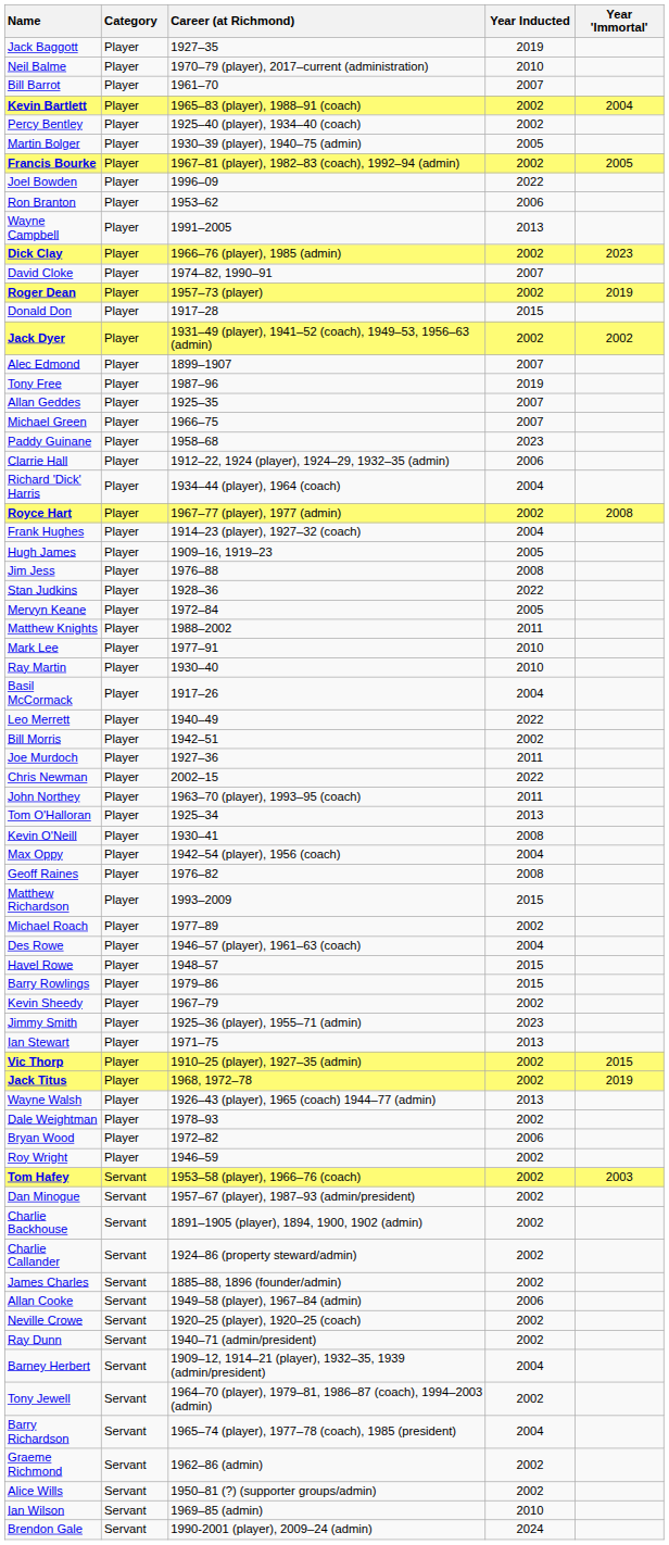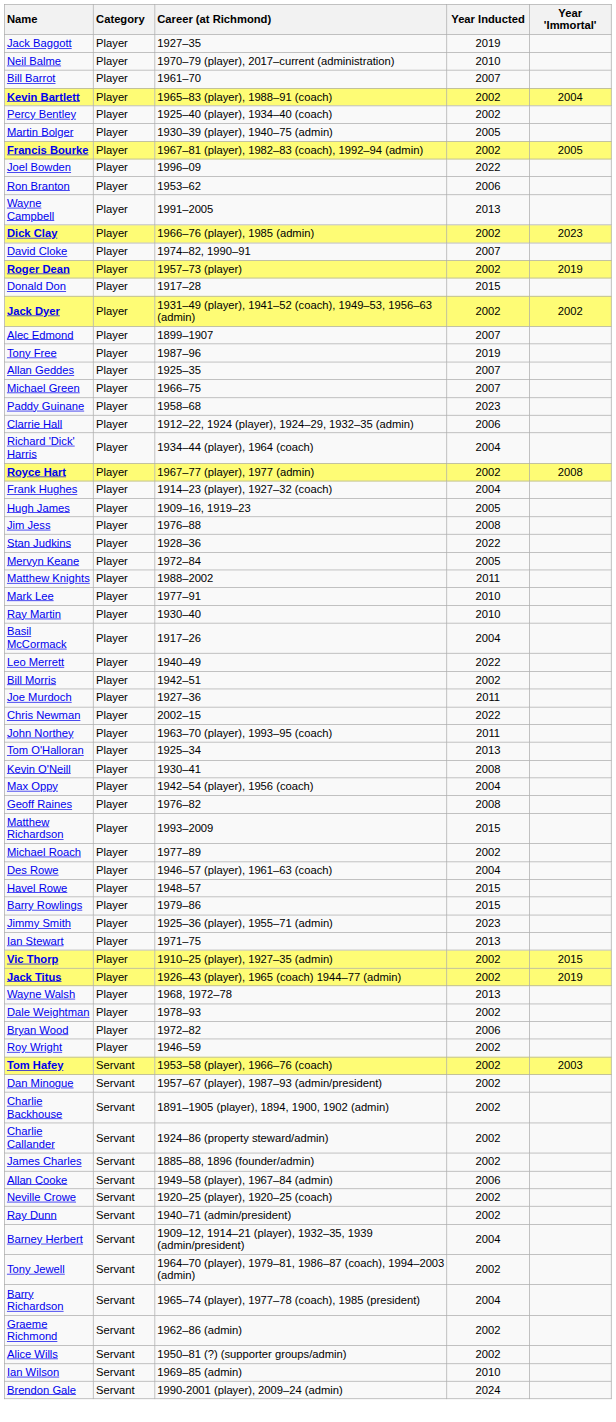 <table class="wikitable sortable">
 <tr>
 <th scope="col" style="width: 120px; text-align:left;">Name</th>
 <th scope="col" style="width: 80px; text-align:left;">Category</th>
 <th scope="col" style="text-align:left;">Career (at Richmond)</th>
 <th scope="col" style="width: 110px; text-align:center;">Year Inducted</th>
 <th scope="col" style="width: 110px; text-align:center;">Year 'Immortal'</th>
 </tr>
 <tr>
 <td data-sort-value="Baggot, Jack"><a href='#'>Jack Baggott</a></td>
 <td>Player</td>
 <td>1927–35</td>
 <td style="text-align:center;">2019</td>
 <td data-sort-value="9999"></td>
 </tr>
 <tr>
 <td data-sort-value="Balme, Neil"><a href='#'>Neil Balme</a></td>
 <td>Player</td>
 <td>1970–79 (player), 2017–current (administration)</td>
 <td style="text-align:center;">2010</td>
 <td data-sort-value="9999"></td>
 </tr>
 <tr>
 <td data-sort-value="Barrot, Bill"><a href='#'>Bill Barrot</a></td>
 <td>Player</td>
 <td>1961–70</td>
 <td style="text-align:center;">2007</td>
 <td data-sort-value="9999"></td>
 </tr>
 <tr style="background:#FEFC75;">
 <td data-sort-value="Bartlett, Kevin"><strong><a href='#'>Kevin Bartlett</a></strong></td>
 <td>Player</td>
 <td>1965–83 (player), 1988–91 (coach)</td>
 <td style="text-align:center;">2002</td>
 <td style="text-align:center;">2004</td>
 </tr>
 <tr>
 <td data-sort-value="Bentley, Percy"><a href='#'>Percy Bentley</a></td>
 <td>Player</td>
 <td>1925–40 (player), 1934–40 (coach)</td>
 <td style="text-align:center;">2002</td>
 <td data-sort-value="9999"></td>
 </tr>
 <tr>
 <td data-sort-value="Bolger, Martin"><a href='#'>Martin Bolger</a></td>
 <td>Player</td>
 <td>1930–39 (player), 1940–75 (admin)</td>
 <td style="text-align:center;">2005</td>
 <td data-sort-value="9999"></td>
 </tr>
 <tr style="background:#FEFC75;">
 <td data-sort-value="Bourke, Francis"><strong><a href='#'>Francis Bourke</a></strong></td>
 <td>Player</td>
 <td>1967–81 (player), 1982–83 (coach), 1992–94 (admin)</td>
 <td style="text-align:center;">2002</td>
 <td style="text-align:center;">2005</td>
 </tr>
 <tr>
 <td data-sort-value="Bowden, Joel"><a href='#'>Joel Bowden</a></td>
 <td>Player</td>
 <td>1996–09</td>
 <td style="text-align:center;">2022</td>
 <td data-sort-value="9999"></td>
 </tr>
 <tr>
 <td data-sort-value="Branton, Ron"><a href='#'>Ron Branton</a></td>
 <td>Player</td>
 <td>1953–62</td>
 <td style="text-align:center;">2006</td>
 <td data-sort-value="9999"></td>
 </tr>
 <tr>
 <td data-sort-value="Campbell, Wayne"><a href='#'>Wayne Campbell</a></td>
 <td>Player</td>
 <td>1991–2005</td>
 <td style="text-align:center;">2013</td>
 <td data-sort-value="9999"></td>
 </tr>
 <tr style="background:#FEFC75;">
 <td data-sort-value="Clay, Dick"><strong><a href='#'>Dick Clay</a></strong></td>
 <td>Player</td>
 <td>1966–76 (player), 1985 (admin)</td>
 <td style="text-align:center;">2002</td>
 <td style="text-align:center;">2023</td>
 </tr>
 <tr>
 <td data-sort-value="Cloke, David"><a href='#'>David Cloke</a></td>
 <td>Player</td>
 <td>1974–82, 1990–91</td>
 <td style="text-align:center;">2007</td>
 <td data-sort-value="9999"></td>
 </tr>
 <tr style="background:#FEFC75;">
 <td data-sort-value="Dean, Roger"><strong><a href='#'>Roger Dean</a></strong></td>
 <td>Player</td>
 <td>1957–73 (player)</td>
 <td style="text-align:center;">2002</td>
 <td style="text-align:center;">2019</td>
 </tr>
 <tr>
 <td data-sort-value="Don, Donald"><a href='#'>Donald Don</a></td>
 <td>Player</td>
 <td>1917–28</td>
 <td style="text-align:center;">2015</td>
 <td data-sort-value="9999"></td>
 </tr>
 <tr style="background:#FEFC75;">
 <td data-sort-value="Dyer, Jack"><strong><a href='#'>Jack Dyer</a></strong></td>
 <td>Player</td>
 <td>1931–49 (player), 1941–52 (coach), 1949–53, 1956–63 (admin)</td>
 <td style="text-align:center;">2002</td>
 <td style="text-align:center;">2002</td>
 </tr>
 <tr>
 <td data-sort-value="Edmond, Alec"><a href='#'>Alec Edmond</a></td>
 <td>Player</td>
 <td>1899–1907</td>
 <td style="text-align:center;">2007</td>
 <td data-sort-value="9999"></td>
 </tr>
 <tr>
 <td data-sort-value="Free, Tony"><a href='#'>Tony Free</a></td>
 <td>Player</td>
 <td>1987–96</td>
 <td style="text-align:center;">2019</td>
 <td data-sort-value="9999"></td>
 </tr>
 <tr>
 <td data-sort-value="Geddes, Allan"><a href='#'>Allan Geddes</a></td>
 <td>Player</td>
 <td>1925–35</td>
 <td style="text-align:center;">2007</td>
 <td data-sort-value="9999"></td>
 </tr>
 <tr>
 <td data-sort-value="Green, Michael"><a href='#'>Michael Green</a></td>
 <td>Player</td>
 <td>1966–75</td>
 <td style="text-align:center;">2007</td>
 <td data-sort-value="9999"></td>
 </tr>
 <tr>
 <td data-sort-value="Guinane, Paddy"><a href='#'>Paddy Guinane</a></td>
 <td>Player</td>
 <td>1958–68</td>
 <td style="text-align:center;">2023</td>
 <td data-sort-value="9999"></td>
 </tr>
 <tr>
 <td data-sort-value="Hall, Clarrie"><a href='#'>Clarrie Hall</a></td>
 <td>Player</td>
 <td>1912–22, 1924 (player), 1924–29, 1932–35 (admin)</td>
 <td style="text-align:center;">2006</td>
 <td data-sort-value="9999"></td>
 </tr>
 <tr>
 <td data-sort-value="Harris, Dick"><a href='#'>Richard 'Dick' Harris</a></td>
 <td>Player</td>
 <td>1934–44 (player), 1964 (coach)</td>
 <td style="text-align:center;">2004</td>
 <td data-sort-value="9999"></td>
 </tr>
 <tr style="background:#FEFC75;">
 <td data-sort-value="Hart, Royce"><strong><a href='#'>Royce Hart</a></strong></td>
 <td>Player</td>
 <td>1967–77 (player), 1977 (admin)</td>
 <td style="text-align:center;">2002</td>
 <td style="text-align:center;">2008</td>
 </tr>
 <tr>
 <td data-sort-value="Hughes, Frank"><a href='#'>Frank Hughes</a></td>
 <td>Player</td>
 <td>1914–23 (player), 1927–32 (coach)</td>
 <td style="text-align:center;">2004</td>
 <td data-sort-value="9999"></td>
 </tr>
 <tr>
 <td data-sort-value="James, Hugh"><a href='#'>Hugh James</a></td>
 <td>Player</td>
 <td>1909–16, 1919–23</td>
 <td style="text-align:center;">2005</td>
 <td data-sort-value="9999"></td>
 </tr>
 <tr>
 <td data-sort-value="Jess, Jim"><a href='#'>Jim Jess</a></td>
 <td>Player</td>
 <td>1976–88</td>
 <td style="text-align:center;">2008</td>
 <td data-sort-value="9999"></td>
 </tr>
 <tr>
 <td data-sort-value="Judkins, Stan"><a href='#'>Stan Judkins</a></td>
 <td>Player</td>
 <td>1928–36</td>
 <td style="text-align:center;">2022</td>
 <td data-sort-value="9999"></td>
 </tr>
 <tr>
 <td data-sort-value="Keane, Mervyn"><a href='#'>Mervyn Keane</a></td>
 <td>Player</td>
 <td>1972–84</td>
 <td style="text-align:center;">2005</td>
 <td data-sort-value="9999"></td>
 </tr>
 <tr>
 <td data-sort-value="Knights, Matthew"><a href='#'>Matthew Knights</a></td>
 <td>Player</td>
 <td>1988–2002</td>
 <td style="text-align:center;">2011</td>
 <td data-sort-value="9999"></td>
 </tr>
 <tr>
 <td data-sort-value="Lee, Mark"><a href='#'>Mark Lee</a></td>
 <td>Player</td>
 <td>1977–91</td>
 <td style="text-align:center;">2010</td>
 <td data-sort-value="9999"></td>
 </tr>
 <tr>
 <td data-sort-value="Martin, Ray"><a href='#'>Ray Martin</a></td>
 <td>Player</td>
 <td>1930–40</td>
 <td style="text-align:center;">2010</td>
 <td data-sort-value="9999"></td>
 </tr>
 <tr>
 <td data-sort-value="McCormack, Basil"><a href='#'>Basil McCormack</a></td>
 <td>Player</td>
 <td>1917–26</td>
 <td style="text-align:center;">2004</td>
 <td data-sort-value="9999"></td>
 </tr>
 <tr>
 <td data-sort-value="Merrett, Leo"><a href='#'>Leo Merrett</a></td>
 <td>Player</td>
 <td>1940–49</td>
 <td style="text-align:center;">2022</td>
 <td data-sort-value="9999"></td>
 </tr>
 <tr>
 <td data-sort-value="Morris, Bill"><a href='#'>Bill Morris</a></td>
 <td>Player</td>
 <td>1942–51</td>
 <td style="text-align:center;">2002</td>
 <td data-sort-value="9999"></td>
 </tr>
 <tr>
 <td data-sort-value="Murdoch, Joe"><a href='#'>Joe Murdoch</a></td>
 <td>Player</td>
 <td>1927–36</td>
 <td style="text-align:center;">2011</td>
 <td data-sort-value="9999"></td>
 </tr>
 <tr>
 <td data-sort-value="Newman, Chris"><a href='#'>Chris Newman</a></td>
 <td>Player</td>
 <td>2002–15</td>
 <td style="text-align:center;">2022</td>
 <td data-sort-value="9999"></td>
 </tr>
 <tr>
 <td data-sort-value="Northey, John"><a href='#'>John Northey</a></td>
 <td>Player</td>
 <td>1963–70 (player), 1993–95 (coach)</td>
 <td style="text-align:center;">2011</td>
 <td data-sort-value="9999"></td>
 </tr>
 <tr>
 <td data-sort-value="O'Halloran, Thomas"><a href='#'>Tom O'Halloran</a></td>
 <td>Player</td>
 <td>1925–34</td>
 <td style="text-align:center;">2013</td>
 <td data-sort-value="9999"></td>
 </tr>
 <tr>
 <td data-sort-value="O'Neill, Kevin"><a href='#'>Kevin O'Neill</a></td>
 <td>Player</td>
 <td>1930–41</td>
 <td style="text-align:center;">2008</td>
 <td data-sort-value="9999"></td>
 </tr>
 <tr>
 <td data-sort-value="Oppy, Max"><a href='#'>Max Oppy</a></td>
 <td>Player</td>
 <td>1942–54 (player), 1956 (coach)</td>
 <td style="text-align:center;">2004</td>
 <td data-sort-value="9999"></td>
 </tr>
 <tr>
 <td data-sort-value="Raines, Geoff"><a href='#'>Geoff Raines</a></td>
 <td>Player</td>
 <td>1976–82</td>
 <td style="text-align:center;">2008</td>
 <td data-sort-value="9999"></td>
 </tr>
 <tr>
 <td data-sort-value="Richardson, Matthew"><a href='#'>Matthew Richardson</a></td>
 <td>Player</td>
 <td>1993–2009</td>
 <td style="text-align:center;">2015</td>
 <td data-sort-value="9999"></td>
 </tr>
 <tr>
 <td data-sort-value="Roach, Michael"><a href='#'>Michael Roach</a></td>
 <td>Player</td>
 <td>1977–89</td>
 <td style="text-align:center;">2002</td>
 <td data-sort-value="9999"></td>
 </tr>
 <tr>
 <td data-sort-value="Rowe, Des"><a href='#'>Des Rowe</a></td>
 <td>Player</td>
 <td>1946–57 (player), 1961–63 (coach)</td>
 <td style="text-align:center;">2004</td>
 <td data-sort-value="9999"></td>
 </tr>
 <tr>
 <td data-sort-value="Rowe, Havel"><a href='#'>Havel Rowe</a></td>
 <td>Player</td>
 <td>1948–57</td>
 <td style="text-align:center;">2015</td>
 <td data-sort-value="9999"></td>
 </tr>
 <tr>
 <td data-sort-value="Rowlings, Barry"><a href='#'>Barry Rowlings</a></td>
 <td>Player</td>
 <td>1979–86</td>
 <td style="text-align:center;">2015</td>
 <td data-sort-value="9999"></td>
 </tr>
 <tr>
-<td data-sort-value="Sheedy, Kevin"><a href='#'>Kevin Sheedy</a></td>
-<td>Player</td>
-<td>1967–79</td>
-<td style="text-align:center;">2002</td>
-<td data-sort-value="9999"></td>
-</tr>
-<tr>
 <td data-sort-value="Smith, Jimmy"><a href='#'>Jimmy Smith</a></td>
 <td>Player</td>
 <td>1925–36 (player), 1955–71 (admin)</td>
 <td style="text-align:center;">2023</td>
 <td data-sort-value="9999"></td>
 </tr>
 <tr>
 <td data-sort-value="Stewart, Ian"><a href='#'>Ian Stewart</a></td>
 <td>Player</td>
 <td>1971–75</td>
 <td style="text-align:center;">2013</td>
 <td data-sort-value="9999"></td>
 </tr>
 <tr style="background:#FEFC75;">
 <td data-sort-value="Thorp, Vic"><strong><a href='#'>Vic Thorp</a></strong></td>
 <td>Player</td>
 <td>1910–25 (player), 1927–35 (admin)</td>
 <td style="text-align:center;">2002</td>
 <td style="text-align:center;">2015</td>
 </tr>
 <tr style="background:#FEFC75;">
 <td data-sort-value="Titus, Jack"><strong><a href='#'>Jack Titus</a></strong></td>
 <td>Player</td>
-<td>1968, 1972–78</td>
+<td>1926–43 (player), 1965 (coach) 1944–77 (admin)</td>
 <td style="text-align:center;">2002</td>
 <td style="text-align:center;">2019</td>
 </tr>
 <tr>
 <td data-sort-value="Walsh, Wayne"><a href='#'>Wayne Walsh</a></td>
 <td>Player</td>
-<td>1926–43 (player), 1965 (coach) 1944–77 (admin)</td>
+<td>1968, 1972–78</td>
 <td style="text-align:center;">2013</td>
 <td data-sort-value="9999"></td>
 </tr>
 <tr>
 <td data-sort-value="Weightman, Dale"><a href='#'>Dale Weightman</a></td>
 <td>Player</td>
 <td>1978–93</td>
 <td style="text-align:center;">2002</td>
 <td data-sort-value="9999"></td>
 </tr>
 <tr>
 <td data-sort-value="Wood, Bryan"><a href='#'>Bryan Wood</a></td>
 <td>Player</td>
 <td>1972–82</td>
 <td style="text-align:center;">2006</td>
 <td data-sort-value="9999"></td>
 </tr>
 <tr>
 <td data-sort-value="Wright, Roy"><a href='#'>Roy Wright</a></td>
 <td>Player</td>
 <td>1946–59</td>
 <td style="text-align:center;">2002</td>
 <td data-sort-value="9999"></td>
 </tr>
 <tr style="background:#FEFC75;">
 <td data-sort-value="Hafey, Tom"><strong><a href='#'>Tom Hafey</a></strong></td>
 <td>Servant</td>
 <td>1953–58 (player), 1966–76 (coach)</td>
 <td style="text-align:center;">2002</td>
 <td style="text-align:center;">2003</td>
 </tr>
 <tr>
 <td data-sort-value="Minogue, Dan"><a href='#'>Dan Minogue</a></td>
 <td>Servant</td>
 <td>1957–67 (player), 1987–93 (admin/president)</td>
 <td style="text-align:center;">2002</td>
 <td data-sort-value="9999"></td>
 </tr>
 <tr>
 <td data-sort-value="Backhouse, Charlie"><a href='#'>Charlie Backhouse</a></td>
 <td>Servant</td>
 <td>1891–1905 (player), 1894, 1900, 1902 (admin)</td>
 <td style="text-align:center;">2002</td>
 <td data-sort-value="9999"></td>
 </tr>
 <tr>
 <td data-sort-value="Callandar, Charlie"><a href='#'>Charlie Callander</a></td>
 <td>Servant</td>
 <td>1924–86 (property steward/admin)</td>
 <td style="text-align:center;">2002</td>
 <td data-sort-value="9999"></td>
 </tr>
 <tr>
 <td data-sort-value="Charles, James"><a href='#'>James Charles</a></td>
 <td>Servant</td>
 <td>1885–88, 1896 (founder/admin)</td>
 <td style="text-align:center;">2002</td>
 <td data-sort-value="9999"></td>
 </tr>
 <tr>
 <td data-sort-value="Cooke, Allan"><a href='#'>Allan Cooke</a></td>
 <td>Servant</td>
 <td>1949–58 (player), 1967–84 (admin)</td>
 <td style="text-align:center;">2006</td>
 <td data-sort-value="9999"></td>
 </tr>
 <tr>
 <td data-sort-value="Crowe, Neville"><a href='#'>Neville Crowe</a></td>
 <td>Servant</td>
 <td>1920–25 (player), 1920–25 (coach)</td>
 <td style="text-align:center;">2002</td>
 <td data-sort-value="9999"></td>
 </tr>
 <tr>
 <td data-sort-value="Dunn, Ray"><a href='#'>Ray Dunn</a></td>
 <td>Servant</td>
 <td>1940–71 (admin/president)</td>
 <td style="text-align:center;">2002</td>
 <td data-sort-value="9999"></td>
 </tr>
 <tr>
 <td data-sort-value="Herbert, Barney"><a href='#'>Barney Herbert</a></td>
 <td>Servant</td>
 <td>1909–12, 1914–21 (player), 1932–35, 1939 (admin/president)</td>
 <td style="text-align:center;">2004</td>
 <td data-sort-value="9999"></td>
 </tr>
 <tr>
 <td data-sort-value="Jewell, Tony"><a href='#'>Tony Jewell</a></td>
 <td>Servant</td>
 <td>1964–70 (player), 1979–81, 1986–87 (coach), 1994–2003 (admin)</td>
 <td style="text-align:center;">2002</td>
 <td data-sort-value="9999"></td>
 </tr>
 <tr>
 <td data-sort-value="Richardson, Barry"><a href='#'>Barry Richardson</a></td>
 <td>Servant</td>
 <td>1965–74 (player), 1977–78 (coach), 1985 (president)</td>
 <td style="text-align:center;">2004</td>
 <td data-sort-value="9999"></td>
 </tr>
 <tr>
 <td data-sort-value="Richmond, Graeme"><a href='#'>Graeme Richmond</a></td>
 <td>Servant</td>
 <td>1962–86 (admin)</td>
 <td style="text-align:center;">2002</td>
 <td data-sort-value="9999"></td>
 </tr>
 <tr>
 <td data-sort-value="Wills, Alice"><a href='#'>Alice Wills</a></td>
 <td>Servant</td>
 <td>1950–81 (?) (supporter groups/admin)</td>
 <td style="text-align:center;">2002</td>
 <td data-sort-value="9999"></td>
 </tr>
 <tr>
 <td data-sort-value="Wilson, Ian"><a href='#'>Ian Wilson</a></td>
 <td>Servant</td>
 <td>1969–85 (admin)</td>
 <td style="text-align:center;">2010</td>
 <td data-sort-value="9999"></td>
 </tr>
 <tr>
 <td data-sort-value="Gale, Brendon"><a href='#'>Brendon Gale</a></td>
 <td>Servant</td>
 <td>1990-2001 (player), 2009–24 (admin)</td>
 <td style="text-align:center;">2024</td>
 <td data-sort-value="9999"></td>
 </tr>
 </table>
